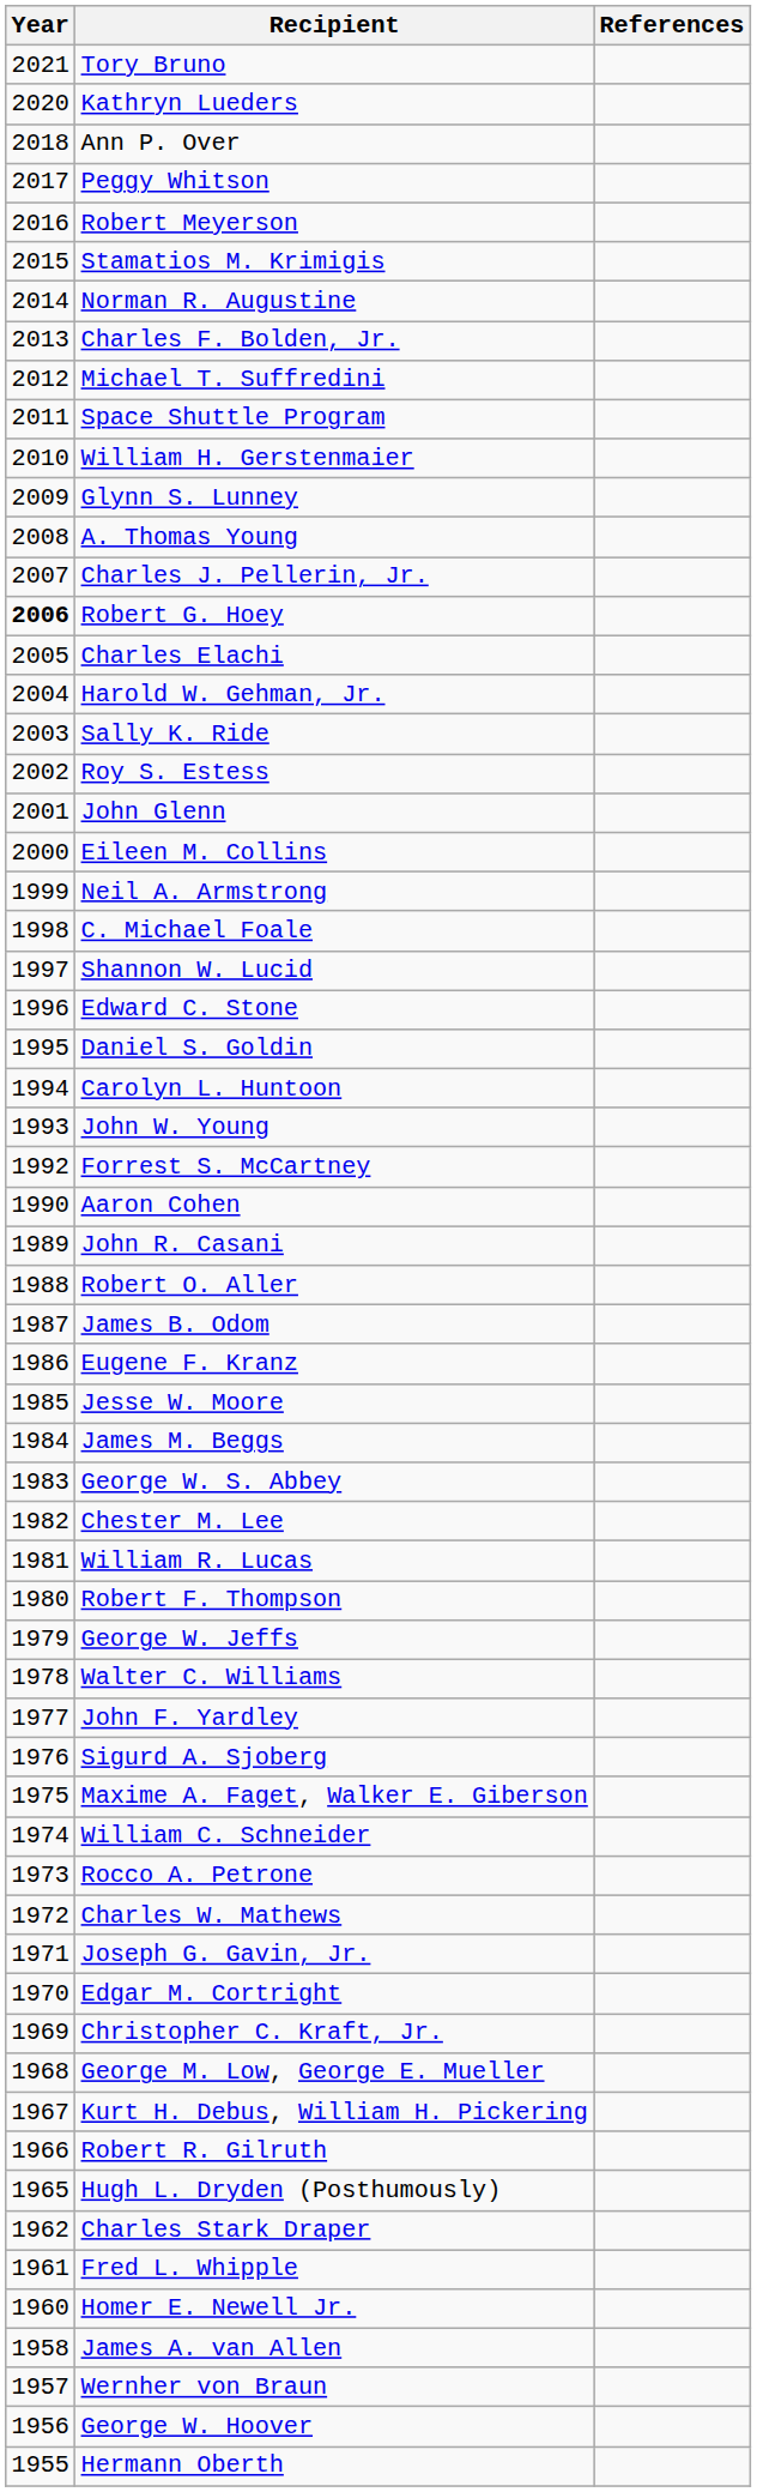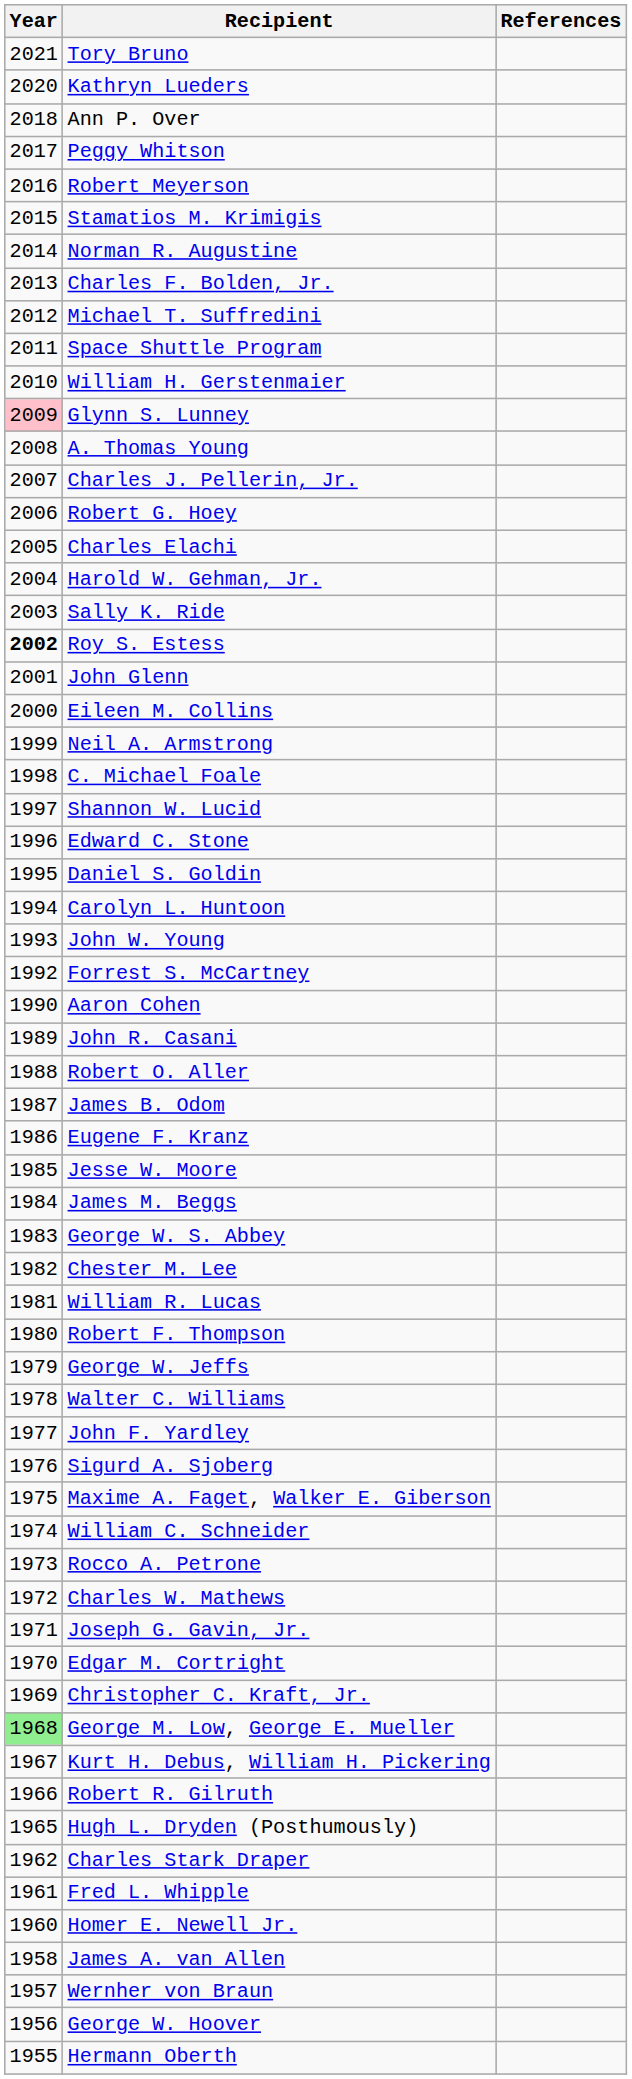 <table class="wikitable">
 <tr>
 <th>Year</th>
 <th>Recipient</th>
 <th>References</th>
 </tr>
 <tr>
 <td>2021</td>
 <td><a href='#'>Tory Bruno</a></td>
 <td></td>
 </tr>
 <tr>
 <td>2020</td>
 <td><a href='#'>Kathryn Lueders</a></td>
 <td></td>
 </tr>
 <tr>
 <td>2018</td>
 <td>Ann P. Over</td>
 <td></td>
 </tr>
 <tr>
 <td>2017</td>
 <td><a href='#'>Peggy Whitson</a></td>
 <td></td>
 </tr>
 <tr>
 <td>2016</td>
 <td><a href='#'>Robert Meyerson</a></td>
 <td></td>
 </tr>
 <tr>
 <td>2015</td>
 <td><a href='#'>Stamatios M. Krimigis</a></td>
 <td></td>
 </tr>
 <tr>
 <td>2014</td>
 <td><a href='#'>Norman R. Augustine</a></td>
 <td></td>
 </tr>
 <tr>
 <td>2013</td>
 <td><a href='#'>Charles F. Bolden, Jr.</a></td>
 <td></td>
 </tr>
 <tr>
 <td>2012</td>
 <td><a href='#'>Michael T. Suffredini</a></td>
 <td></td>
 </tr>
 <tr>
 <td>2011</td>
 <td><a href='#'>Space Shuttle Program</a></td>
 <td></td>
 </tr>
 <tr>
 <td>2010</td>
 <td><a href='#'>William H. Gerstenmaier</a></td>
 <td></td>
 </tr>
 <tr>
-<td>2009</td>
+<td style="background: pink;">2009</td>
 <td><a href='#'>Glynn S. Lunney</a></td>
 <td></td>
 </tr>
 <tr>
 <td>2008</td>
 <td><a href='#'>A. Thomas Young</a></td>
 <td></td>
 </tr>
 <tr>
 <td>2007</td>
 <td><a href='#'>Charles J. Pellerin, Jr.</a></td>
 <td></td>
 </tr>
 <tr>
-<td><strong>2006</strong></td>
+<td>2006</td>
 <td><a href='#'>Robert G. Hoey</a></td>
 <td></td>
 </tr>
 <tr>
 <td>2005</td>
 <td><a href='#'>Charles Elachi</a></td>
 <td></td>
 </tr>
 <tr>
 <td>2004</td>
 <td><a href='#'>Harold W. Gehman, Jr.</a></td>
 <td></td>
 </tr>
 <tr>
 <td>2003</td>
 <td><a href='#'>Sally K. Ride</a></td>
 <td></td>
 </tr>
 <tr>
-<td>2002</td>
+<td><strong>2002</strong></td>
 <td><a href='#'>Roy S. Estess</a></td>
 <td></td>
 </tr>
 <tr>
 <td>2001</td>
 <td><a href='#'>John Glenn</a></td>
 <td></td>
 </tr>
 <tr>
 <td>2000</td>
 <td><a href='#'>Eileen M. Collins</a></td>
 <td></td>
 </tr>
 <tr>
 <td>1999</td>
 <td><a href='#'>Neil A. Armstrong</a></td>
 <td></td>
 </tr>
 <tr>
 <td>1998</td>
 <td><a href='#'>C. Michael Foale</a></td>
 <td></td>
 </tr>
 <tr>
 <td>1997</td>
 <td><a href='#'>Shannon W. Lucid</a></td>
 <td></td>
 </tr>
 <tr>
 <td>1996</td>
 <td><a href='#'>Edward C. Stone</a></td>
 <td></td>
 </tr>
 <tr>
 <td>1995</td>
 <td><a href='#'>Daniel S. Goldin</a></td>
 <td></td>
 </tr>
 <tr>
 <td>1994</td>
 <td><a href='#'>Carolyn L. Huntoon</a></td>
 <td></td>
 </tr>
 <tr>
 <td>1993</td>
 <td><a href='#'>John W. Young</a></td>
 <td></td>
 </tr>
 <tr>
 <td>1992</td>
 <td><a href='#'>Forrest S. McCartney</a></td>
 <td></td>
 </tr>
 <tr>
 <td>1990</td>
 <td><a href='#'>Aaron Cohen</a></td>
 <td></td>
 </tr>
 <tr>
 <td>1989</td>
 <td><a href='#'>John R. Casani</a></td>
 <td></td>
 </tr>
 <tr>
 <td>1988</td>
 <td><a href='#'>Robert O. Aller</a></td>
 <td></td>
 </tr>
 <tr>
 <td>1987</td>
 <td><a href='#'>James B. Odom</a></td>
 <td></td>
 </tr>
 <tr>
 <td>1986</td>
 <td><a href='#'>Eugene F. Kranz</a></td>
 <td></td>
 </tr>
 <tr>
 <td>1985</td>
 <td><a href='#'>Jesse W. Moore</a></td>
 <td></td>
 </tr>
 <tr>
 <td>1984</td>
 <td><a href='#'>James M. Beggs</a></td>
 <td></td>
 </tr>
 <tr>
 <td>1983</td>
 <td><a href='#'>George W. S. Abbey</a></td>
 <td></td>
 </tr>
 <tr>
 <td>1982</td>
 <td><a href='#'>Chester M. Lee</a></td>
 <td></td>
 </tr>
 <tr>
 <td>1981</td>
 <td><a href='#'>William R. Lucas</a></td>
 <td></td>
 </tr>
 <tr>
 <td>1980</td>
 <td><a href='#'>Robert F. Thompson</a></td>
 <td></td>
 </tr>
 <tr>
 <td>1979</td>
 <td><a href='#'>George W. Jeffs</a></td>
 <td></td>
 </tr>
 <tr>
 <td>1978</td>
 <td><a href='#'>Walter C. Williams</a></td>
 <td></td>
 </tr>
 <tr>
 <td>1977</td>
 <td><a href='#'>John F. Yardley</a></td>
 <td></td>
 </tr>
 <tr>
 <td>1976</td>
 <td><a href='#'>Sigurd A. Sjoberg</a></td>
 <td></td>
 </tr>
 <tr>
 <td>1975</td>
 <td><a href='#'>Maxime A. Faget</a>, <a href='#'>Walker E. Giberson</a></td>
 <td></td>
 </tr>
 <tr>
 <td>1974</td>
 <td><a href='#'>William C. Schneider</a></td>
 <td></td>
 </tr>
 <tr>
 <td>1973</td>
 <td><a href='#'>Rocco A. Petrone</a></td>
 <td></td>
 </tr>
 <tr>
 <td>1972</td>
 <td><a href='#'>Charles W. Mathews</a></td>
 <td></td>
 </tr>
 <tr>
 <td>1971</td>
 <td><a href='#'>Joseph G. Gavin, Jr.</a></td>
 <td></td>
 </tr>
 <tr>
 <td>1970</td>
 <td><a href='#'>Edgar M. Cortright</a></td>
 <td></td>
 </tr>
 <tr>
 <td>1969</td>
 <td><a href='#'>Christopher C. Kraft, Jr.</a></td>
 <td></td>
 </tr>
 <tr>
-<td>1968</td>
+<td style="background: lightgreen;">1968</td>
 <td><a href='#'>George M. Low</a>, <a href='#'>George E. Mueller</a></td>
 <td></td>
 </tr>
 <tr>
 <td>1967</td>
 <td><a href='#'>Kurt H. Debus</a>, <a href='#'>William H. Pickering</a></td>
 <td></td>
 </tr>
 <tr>
 <td>1966</td>
 <td><a href='#'>Robert R. Gilruth</a></td>
 <td></td>
 </tr>
 <tr>
 <td>1965</td>
 <td><a href='#'>Hugh L. Dryden</a> (Posthumously)</td>
 <td></td>
 </tr>
 <tr>
 <td>1962</td>
 <td><a href='#'>Charles Stark Draper</a></td>
 <td></td>
 </tr>
 <tr>
 <td>1961</td>
 <td><a href='#'>Fred L. Whipple</a></td>
 <td></td>
 </tr>
 <tr>
 <td>1960</td>
 <td><a href='#'>Homer E. Newell Jr.</a></td>
 <td></td>
 </tr>
 <tr>
 <td>1958</td>
 <td><a href='#'>James A. van Allen</a></td>
 <td></td>
 </tr>
 <tr>
 <td>1957</td>
 <td><a href='#'>Wernher von Braun</a></td>
 <td></td>
 </tr>
 <tr>
 <td>1956</td>
 <td><a href='#'>George W. Hoover</a></td>
 <td></td>
 </tr>
 <tr>
 <td>1955</td>
 <td><a href='#'>Hermann Oberth</a></td>
 <td></td>
 </tr>
 </table>
